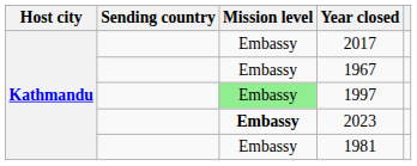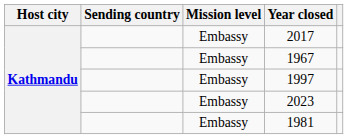 <table class="wikitable plainrowheaders">
 <tr>
 <th scope="col">Host city</th>
 <th scope="col">Sending country</th>
 <th scope="col">Mission level</th>
 <th scope="col">Year closed</th>
 <th scope="col"></th>
 </tr>
 <tr>
 <th rowspan="5"><a href='#'>Kathmandu</a></th>
 <td></td>
 <td style="text-align:center;">Embassy</td>
 <td style="text-align:center;">2017</td>
 <td style="text-align:center;"></td>
 </tr>
 <tr>
 <td></td>
 <td style="text-align:center;">Embassy</td>
 <td style="text-align:center;">1967</td>
 <td style="text-align:center;"></td>
 </tr>
 <tr>
 <td></td>
-<td style="background: lightgreen; text-align:center;">Embassy</td>
+<td style="text-align:center;">Embassy</td>
 <td style="text-align:center;">1997</td>
 <td style="text-align:center;"></td>
 </tr>
 <tr>
 <td></td>
-<td style="text-align:center;"><strong>Embassy</strong></td>
+<td style="text-align:center;">Embassy</td>
 <td style="text-align:center;">2023</td>
 <td style="text-align:center;"></td>
 </tr>
 <tr>
 <td></td>
 <td style="text-align:center;">Embassy</td>
 <td style="text-align:center;">1981</td>
 <td style="text-align:center;"></td>
 </tr>
 </table>
